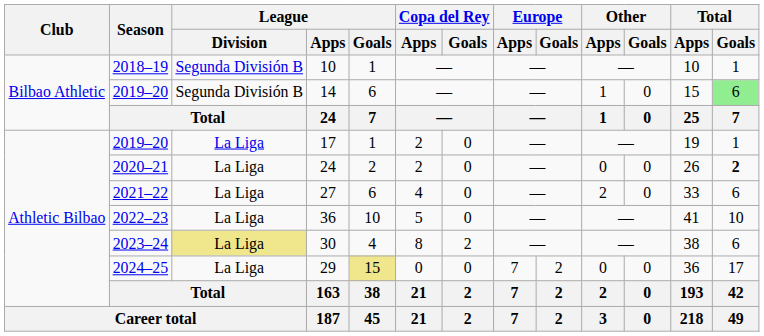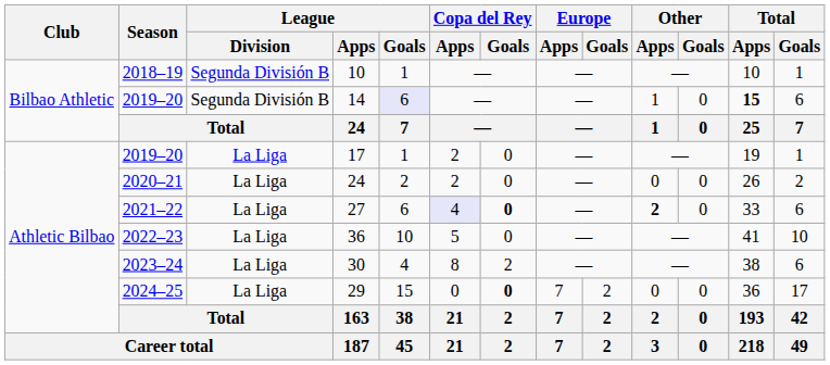 <table class="wikitable" style="text-align:center">
 <tr>
 <th rowspan="2">Club</th>
 <th rowspan="2">Season</th>
 <th colspan="3">League</th>
 <th colspan="2"><a href='#'>Copa del Rey</a></th>
 <th colspan="2"><a href='#'>Europe</a></th>
 <th colspan="2">Other</th>
 <th colspan="2">Total</th>
 </tr>
 <tr>
 <th>Division</th>
 <th>Apps</th>
 <th>Goals</th>
 <th>Apps</th>
 <th>Goals</th>
 <th>Apps</th>
 <th>Goals</th>
 <th>Apps</th>
 <th>Goals</th>
 <th>Apps</th>
 <th>Goals</th>
 </tr>
 <tr>
 <td rowspan="3"><a href='#'>Bilbao Athletic</a></td>
 <td><a href='#'>2018–19</a></td>
 <td><a href='#'>Segunda División B</a></td>
 <td>10</td>
 <td>1</td>
 <td colspan="2">—</td>
 <td colspan="2">—</td>
 <td colspan="2">—</td>
 <td>10</td>
 <td>1</td>
 </tr>
 <tr>
 <td><a href='#'>2019–20</a></td>
 <td>Segunda División B</td>
 <td>14</td>
-<td>6</td>
+<td style="background: lavender;">6</td>
 <td colspan="2">—</td>
 <td colspan="2">—</td>
 <td>1</td>
 <td>0</td>
-<td>15</td>
-<td style="background: lightgreen;">6</td>
+<td><strong>15</strong></td>
+<td>6</td>
 </tr>
 <tr>
 <th colspan="2">Total</th>
 <th>24</th>
 <th>7</th>
 <th colspan="2">—</th>
 <th colspan="2">—</th>
 <th>1</th>
 <th>0</th>
 <th>25</th>
 <th>7</th>
 </tr>
 <tr>
 <td rowspan="7"><a href='#'>Athletic Bilbao</a></td>
 <td><a href='#'>2019–20</a></td>
 <td><a href='#'>La Liga</a></td>
 <td>17</td>
 <td>1</td>
 <td>2</td>
 <td>0</td>
 <td colspan="2">—</td>
 <td colspan="2">—</td>
 <td>19</td>
 <td>1</td>
 </tr>
 <tr>
 <td><a href='#'>2020–21</a></td>
 <td>La Liga</td>
 <td>24</td>
 <td>2</td>
 <td>2</td>
 <td>0</td>
 <td colspan="2">—</td>
 <td>0</td>
 <td>0</td>
 <td>26</td>
-<td><strong>2</strong></td>
+<td>2</td>
 </tr>
 <tr>
 <td><a href='#'>2021–22</a></td>
 <td>La Liga</td>
 <td>27</td>
 <td>6</td>
-<td>4</td>
-<td>0</td>
+<td style="background: lavender;">4</td>
+<td><strong>0</strong></td>
 <td colspan="2">—</td>
-<td>2</td>
+<td><strong>2</strong></td>
 <td>0</td>
 <td>33</td>
 <td>6</td>
 </tr>
 <tr>
 <td><a href='#'>2022–23</a></td>
 <td>La Liga</td>
 <td>36</td>
 <td>10</td>
 <td>5</td>
 <td>0</td>
 <td colspan="2">—</td>
 <td colspan="2">—</td>
 <td>41</td>
 <td>10</td>
 </tr>
 <tr>
 <td><a href='#'>2023–24</a></td>
-<td style="background: khaki;">La Liga</td>
+<td>La Liga</td>
 <td>30</td>
 <td>4</td>
 <td>8</td>
 <td>2</td>
 <td colspan="2">—</td>
 <td colspan="2">—</td>
 <td>38</td>
 <td>6</td>
 </tr>
 <tr>
 <td><a href='#'>2024–25</a></td>
 <td>La Liga</td>
 <td>29</td>
-<td style="background: khaki;">15</td>
+<td>15</td>
 <td>0</td>
-<td>0</td>
+<td><strong>0</strong></td>
 <td>7</td>
 <td>2</td>
 <td>0</td>
 <td>0</td>
 <td>36</td>
 <td>17</td>
 </tr>
 <tr>
 <th colspan="2">Total</th>
 <th>163</th>
 <th>38</th>
 <th>21</th>
 <th>2</th>
 <th>7</th>
 <th>2</th>
 <th>2</th>
 <th>0</th>
 <th>193</th>
 <th>42</th>
 </tr>
 <tr>
 <th colspan="3">Career total</th>
 <th>187</th>
 <th>45</th>
 <th>21</th>
 <th>2</th>
 <th>7</th>
 <th>2</th>
 <th>3</th>
 <th>0</th>
 <th>218</th>
 <th>49</th>
 </tr>
 </table>
